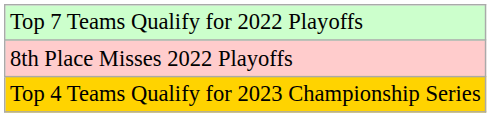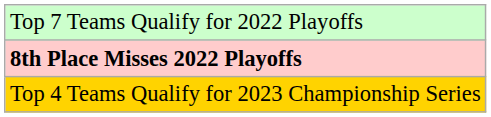 <table class="wikitable">
 <tr>
 <td style="background-color:#ccffcc;">Top 7 Teams Qualify for 2022 Playoffs</td>
 </tr>
 <tr bgcolor="ffcccc">
-<td>8th Place Misses 2022 Playoffs</td>
+<td><strong>8th Place Misses 2022 Playoffs</strong></td>
 </tr>
 <tr bgcolor="ffd300">
 <td>Top 4 Teams Qualify for 2023 Championship Series</td>
 </tr>
 </table>
